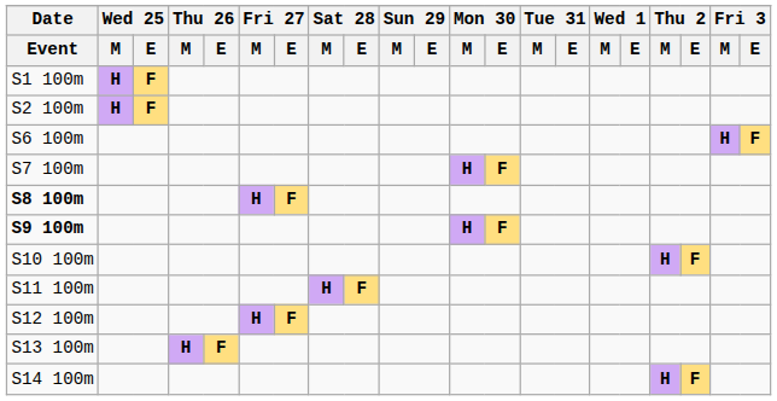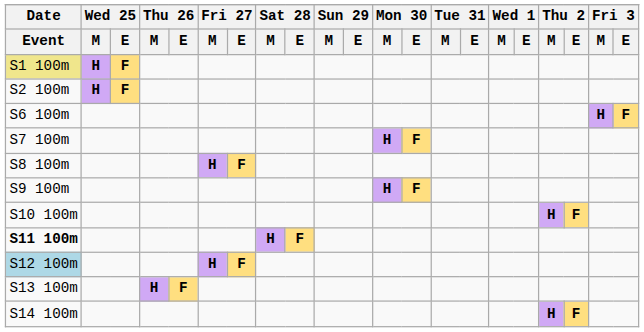 <table class="wikitable" style="margin:0.5em auto; font-size:90%; line-height:1.25em;">
 <tr align="center">
 </tr>
 <tr>
 <th>Date</th>
 <th colspan="2">Wed 25</th>
 <th colspan="2">Thu 26</th>
 <th colspan="2">Fri 27</th>
 <th colspan="2">Sat 28</th>
 <th colspan="2">Sun 29</th>
 <th colspan="2">Mon 30</th>
 <th colspan="2">Tue 31</th>
 <th colspan="2">Wed 1</th>
 <th colspan="2">Thu 2</th>
 <th colspan="2">Fri 3</th>
 </tr>
 <tr>
 <th>Event</th>
 <th>M</th>
 <th>E</th>
 <th>M</th>
 <th>E</th>
 <th>M</th>
 <th>E</th>
 <th>M</th>
 <th>E</th>
 <th>M</th>
 <th>E</th>
 <th>M</th>
 <th>E</th>
 <th>M</th>
 <th>E</th>
 <th>M</th>
 <th>E</th>
 <th>M</th>
 <th>E</th>
 <th>M</th>
 <th>E</th>
 </tr>
 <tr align="center">
-<td align="left">S1 100m</td>
+<td align="left" style="background: khaki;">S1 100m</td>
 <td bgcolor="#D0A9F5"><strong>H</strong></td>
 <td bgcolor="#FFDF80"><strong>F</strong></td>
 <td colspan="2"></td>
 <td colspan="2"></td>
 <td colspan="2"></td>
 <td colspan="2"></td>
 <td colspan="2"></td>
 <td colspan="2"></td>
 <td colspan="2"></td>
 <td colspan="2"></td>
 <td colspan="2"></td>
 </tr>
 <tr align="center">
 <td align="left">S2 100m</td>
 <td bgcolor="#D0A9F5"><strong>H</strong></td>
 <td bgcolor="#FFDF80"><strong>F</strong></td>
 <td colspan="2"></td>
 <td colspan="2"></td>
 <td colspan="2"></td>
 <td colspan="2"></td>
 <td colspan="2"></td>
 <td colspan="2"></td>
 <td colspan="2"></td>
 <td colspan="2"></td>
 <td colspan="2"></td>
 </tr>
 <tr align="center">
 <td align="left">S6 100m</td>
 <td colspan="2"></td>
 <td colspan="2"></td>
 <td colspan="2"></td>
 <td colspan="2"></td>
 <td colspan="2"></td>
 <td colspan="2"></td>
 <td colspan="2"></td>
 <td colspan="2"></td>
 <td colspan="2"></td>
 <td bgcolor="#D0A9F5"><strong>H</strong></td>
 <td bgcolor="#FFDF80"><strong>F</strong></td>
 </tr>
 <tr align="center">
 <td align="left">S7 100m</td>
 <td colspan="2"></td>
 <td colspan="2"></td>
 <td colspan="2"></td>
 <td colspan="2"></td>
 <td colspan="2"></td>
 <td bgcolor="#D0A9F5"><strong>H</strong></td>
 <td bgcolor="#FFDF80"><strong>F</strong></td>
 <td colspan="2"></td>
 <td colspan="2"></td>
 <td colspan="2"></td>
 <td colspan="2"></td>
 </tr>
 <tr align="center">
-<td align="left"><strong>S8 100m</strong></td>
+<td align="left">S8 100m</td>
 <td colspan="2"></td>
 <td colspan="2"></td>
 <td bgcolor="#D0A9F5"><strong>H</strong></td>
 <td bgcolor="#FFDF80"><strong>F</strong></td>
 <td colspan="2"></td>
 <td colspan="2"></td>
 <td colspan="2"></td>
 <td colspan="2"></td>
 <td colspan="2"></td>
 <td colspan="2"></td>
 <td colspan="2"></td>
 </tr>
 <tr align="center">
-<td align="left"><strong>S9 100m</strong></td>
+<td align="left">S9 100m</td>
 <td colspan="2"></td>
 <td colspan="2"></td>
 <td colspan="2"></td>
 <td colspan="2"></td>
 <td colspan="2"></td>
 <td bgcolor="#D0A9F5"><strong>H</strong></td>
 <td bgcolor="#FFDF80"><strong>F</strong></td>
 <td colspan="2"></td>
 <td colspan="2"></td>
 <td colspan="2"></td>
 <td colspan="2"></td>
 </tr>
 <tr align="center">
 <td align="left">S10 100m</td>
 <td colspan="2"></td>
 <td colspan="2"></td>
 <td colspan="2"></td>
 <td colspan="2"></td>
 <td colspan="2"></td>
 <td colspan="2"></td>
 <td colspan="2"></td>
 <td colspan="2"></td>
 <td bgcolor="#D0A9F5"><strong>H</strong></td>
 <td bgcolor="#FFDF80"><strong>F</strong></td>
 <td colspan="2"></td>
 </tr>
 <tr align="center">
-<td align="left">S11 100m</td>
+<td align="left"><strong>S11 100m</strong></td>
 <td colspan="2"></td>
 <td colspan="2"></td>
 <td colspan="2"></td>
 <td bgcolor="#D0A9F5"><strong>H</strong></td>
 <td bgcolor="#FFDF80"><strong>F</strong></td>
 <td colspan="2"></td>
 <td colspan="2"></td>
 <td colspan="2"></td>
 <td colspan="2"></td>
 <td colspan="2"></td>
 <td colspan="2"></td>
 </tr>
 <tr align="center">
-<td align="left">S12 100m</td>
+<td align="left" style="background: lightblue;">S12 100m</td>
 <td colspan="2"></td>
 <td colspan="2"></td>
 <td bgcolor="#D0A9F5"><strong>H</strong></td>
 <td bgcolor="#FFDF80"><strong>F</strong></td>
 <td colspan="2"></td>
 <td colspan="2"></td>
 <td colspan="2"></td>
 <td colspan="2"></td>
 <td colspan="2"></td>
 <td colspan="2"></td>
 <td colspan="2"></td>
 </tr>
 <tr align="center">
 <td align="left">S13 100m</td>
 <td colspan="2"></td>
 <td bgcolor="#D0A9F5"><strong>H</strong></td>
 <td bgcolor="#FFDF80"><strong>F</strong></td>
 <td colspan="2"></td>
 <td colspan="2"></td>
 <td colspan="2"></td>
 <td colspan="2"></td>
 <td colspan="2"></td>
 <td colspan="2"></td>
 <td colspan="2"></td>
 <td colspan="2"></td>
 </tr>
 <tr align="center">
 <td align="left">S14 100m</td>
 <td colspan="2"></td>
 <td colspan="2"></td>
 <td colspan="2"></td>
 <td colspan="2"></td>
 <td colspan="2"></td>
 <td colspan="2"></td>
 <td colspan="2"></td>
 <td colspan="2"></td>
 <td bgcolor="#D0A9F5"><strong>H</strong></td>
 <td bgcolor="#FFDF80"><strong>F</strong></td>
 <td colspan="2"></td>
 </tr>
 </table>
